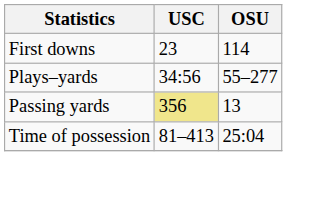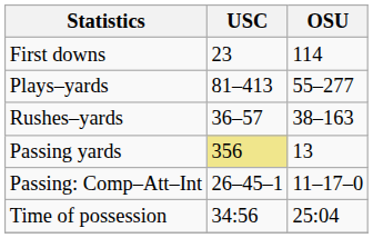 <table class="wikitable">
 <tr>
 <th>Statistics</th>
 <th>USC</th>
 <th>OSU</th>
 </tr>
 <tr>
 <td>First downs</td>
 <td>23</td>
 <td>114</td>
 </tr>
 <tr>
 <td>Plays–yards</td>
-<td>34:56</td>
+<td>81–413</td>
 <td>55–277</td>
+</tr>
+<tr>
+<td>Rushes–yards</td>
+<td>36–57</td>
+<td>38–163</td>
 </tr>
 <tr>
 <td>Passing yards</td>
 <td style="background: khaki;">356</td>
 <td>13</td>
 </tr>
 <tr>
+<td>Passing: Comp–Att–Int</td>
+<td>26–45–1</td>
+<td>11–17–0</td>
+</tr>
+<tr>
 <td>Time of possession</td>
-<td>81–413</td>
+<td>34:56</td>
 <td>25:04</td>
 </tr>
 <tr>
 </tr>
 </table>
